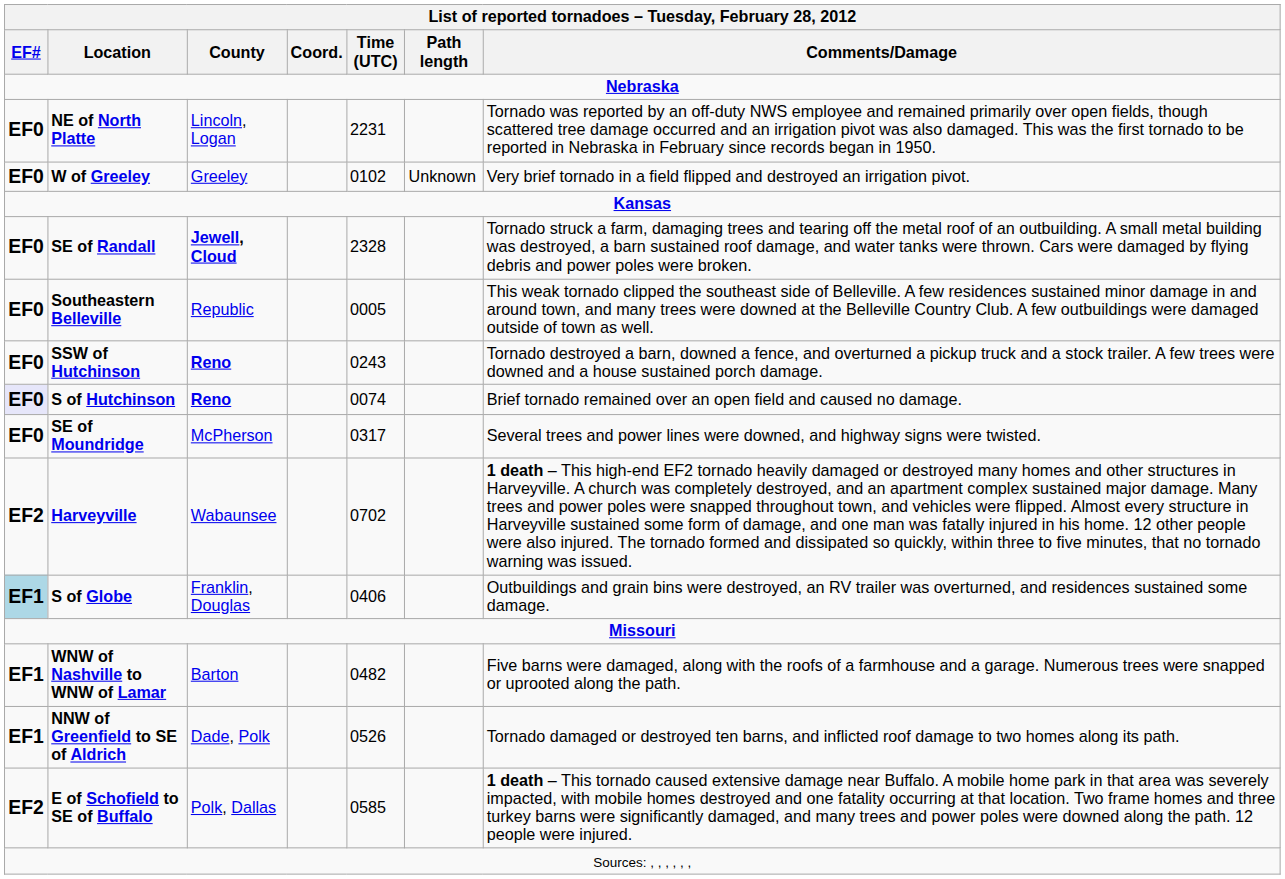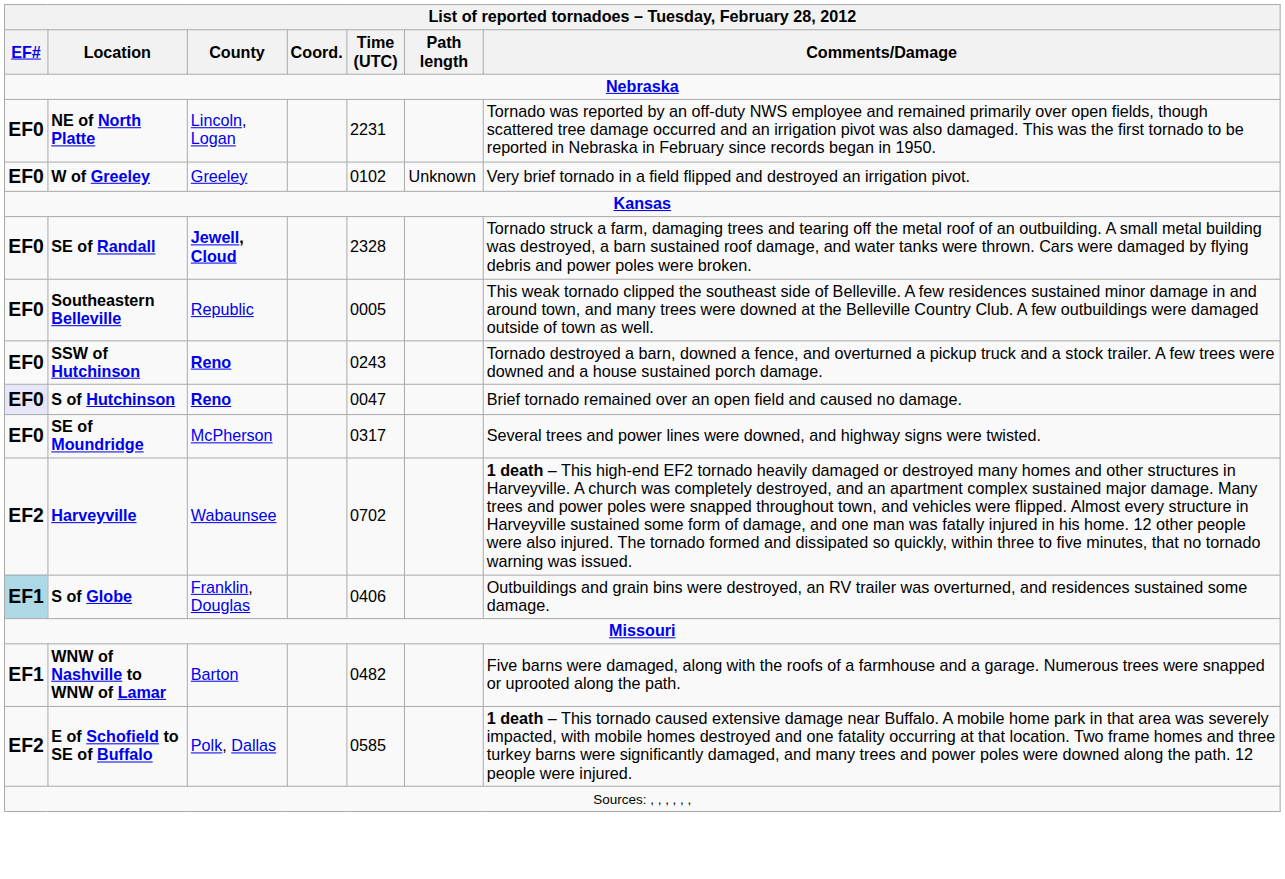 <table class="wikitable collapsible" style="width:100%;">
 <tr>
 <th colspan="7">List of reported tornadoes – Tuesday, February 28, 2012</th>
 </tr>
 <tr>
 <th><a href='#'>EF#</a></th>
 <th>Location</th>
 <th>County</th>
 <th>Coord.</th>
 <th>Time (UTC)</th>
 <th>Path length</th>
 <th>Comments/Damage</th>
 </tr>
 <tr>
 <td colspan="7" style="text-align:center;"><strong><a href='#'>Nebraska</a></strong></td>
 </tr>
 <tr>
 <td><big><strong>EF0</strong></big></td>
 <td><strong>NE of <a href='#'>North Platte</a></strong></td>
 <td><a href='#'>Lincoln</a>, <a href='#'>Logan</a></td>
 <td></td>
 <td>2231</td>
 <td></td>
 <td>Tornado was reported by an off-duty NWS employee and remained primarily over open fields, though scattered tree damage occurred and an irrigation pivot was also damaged. This was the first tornado to be reported in Nebraska in February since records began in 1950.</td>
 </tr>
 <tr>
 <td><big><strong>EF0</strong></big></td>
 <td><strong>W of <a href='#'>Greeley</a></strong></td>
 <td><a href='#'>Greeley</a></td>
 <td></td>
 <td>0102</td>
 <td>Unknown</td>
 <td>Very brief tornado in a field flipped and destroyed an irrigation pivot.</td>
 </tr>
 <tr>
 <td colspan="7" style="text-align:center;"><strong><a href='#'>Kansas</a></strong></td>
 </tr>
 <tr>
 <td><big><strong>EF0</strong></big></td>
 <td><strong>SE of <a href='#'>Randall</a></strong></td>
 <td><strong><a href='#'>Jewell</a>, <a href='#'>Cloud</a></strong></td>
 <td></td>
 <td>2328</td>
 <td></td>
 <td>Tornado struck a farm, damaging trees and tearing off the metal roof of an outbuilding. A small metal building was destroyed, a barn sustained roof damage, and water tanks were thrown. Cars were damaged by flying debris and power poles were broken.</td>
 </tr>
 <tr>
 <td><big><strong>EF0</strong></big></td>
 <td><strong>Southeastern <a href='#'>Belleville</a></strong></td>
 <td><a href='#'>Republic</a></td>
 <td></td>
 <td>0005</td>
 <td></td>
 <td>This weak tornado clipped the southeast side of Belleville. A few residences sustained minor damage in and around town, and many trees were downed at the Belleville Country Club. A few outbuildings were damaged outside of town as well.</td>
 </tr>
 <tr>
 <td><big><strong>EF0</strong></big></td>
 <td><strong>SSW of <a href='#'>Hutchinson</a></strong></td>
 <td><strong><a href='#'>Reno</a></strong></td>
 <td></td>
 <td>0243</td>
 <td></td>
 <td>Tornado destroyed a barn, downed a fence, and overturned a pickup truck and a stock trailer. A few trees were downed and a house sustained porch damage.</td>
 </tr>
 <tr>
 <td style="background: lavender;"><big><strong>EF0</strong></big></td>
 <td><strong>S of <a href='#'>Hutchinson</a></strong></td>
 <td><strong><a href='#'>Reno</a></strong></td>
 <td></td>
-<td>0074</td>
+<td>0047</td>
 <td></td>
 <td>Brief tornado remained over an open field and caused no damage.</td>
 </tr>
 <tr>
 <td><big><strong>EF0</strong></big></td>
 <td><strong>SE of <a href='#'>Moundridge</a></strong></td>
 <td><a href='#'>McPherson</a></td>
 <td></td>
 <td>0317</td>
 <td></td>
 <td>Several trees and power lines were downed, and highway signs were twisted.</td>
 </tr>
 <tr>
 <td><big><strong>EF2</strong></big></td>
 <td><strong><a href='#'>Harveyville</a></strong></td>
 <td><a href='#'>Wabaunsee</a></td>
 <td></td>
 <td>0702</td>
 <td></td>
 <td><strong>1 death</strong> – This high-end EF2 tornado heavily damaged or destroyed many homes and other structures in Harveyville. A church was completely destroyed, and an apartment complex sustained major damage. Many trees and power poles were snapped throughout town, and vehicles were flipped. Almost every structure in Harveyville sustained some form of damage, and one man was fatally injured in his home. 12 other people were also injured. The tornado formed and dissipated so quickly, within three to five minutes, that no tornado warning was issued.</td>
 </tr>
 <tr>
 <td style="background: lightblue;"><big><strong>EF1</strong></big></td>
 <td><strong>S of <a href='#'>Globe</a></strong></td>
 <td><a href='#'>Franklin</a>, <a href='#'>Douglas</a></td>
 <td></td>
 <td>0406</td>
 <td></td>
 <td>Outbuildings and grain bins were destroyed, an RV trailer was overturned, and residences sustained some damage.</td>
 </tr>
 <tr>
 <td colspan="7" style="text-align:center;"><strong><a href='#'>Missouri</a></strong></td>
 </tr>
 <tr>
 <td><big><strong>EF1</strong></big></td>
 <td><strong>WNW of <a href='#'>Nashville</a> to WNW of <a href='#'>Lamar</a></strong></td>
 <td><a href='#'>Barton</a></td>
 <td></td>
 <td>0482</td>
 <td></td>
 <td>Five barns were damaged, along with the roofs of a farmhouse and a garage. Numerous trees were snapped or uprooted along the path.</td>
 </tr>
 <tr>
-<td><big><strong>EF1</strong></big></td>
-<td><strong>NNW of <a href='#'>Greenfield</a> to SE of <a href='#'>Aldrich</a></strong></td>
-<td><a href='#'>Dade</a>, <a href='#'>Polk</a></td>
-<td></td>
-<td>0526</td>
-<td></td>
-<td>Tornado damaged or destroyed ten barns, and inflicted roof damage to two homes along its path.</td>
-</tr>
-<tr>
 <td><big><strong>EF2</strong></big></td>
 <td><strong>E of <a href='#'>Schofield</a> to SE of <a href='#'>Buffalo</a></strong></td>
 <td><a href='#'>Polk</a>, <a href='#'>Dallas</a></td>
 <td></td>
 <td>0585</td>
 <td></td>
 <td><strong>1 death</strong> – This tornado caused extensive damage near Buffalo. A mobile home park in that area was severely impacted, with mobile homes destroyed and one fatality occurring at that location. Two frame homes and three turkey barns were significantly damaged, and many trees and power poles were downed along the path. 12 people were injured.</td>
 </tr>
 <tr>
 <td colspan="7" style="text-align:center;"><small>Sources: , , , , , , </small></td>
 </tr>
 </table>
